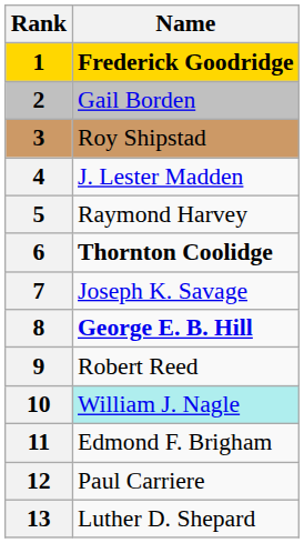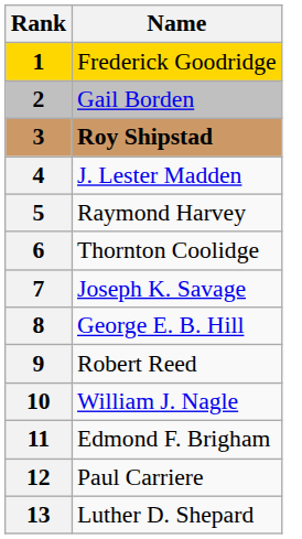 <table class="wikitable">
 <tr>
 <th>Rank</th>
 <th>Name</th>
 </tr>
 <tr bgcolor="gold">
 <td align="center"><strong>1</strong></td>
-<td><strong>Frederick Goodridge</strong></td>
+<td>Frederick Goodridge</td>
 </tr>
 <tr bgcolor="silver">
 <td align="center"><strong>2</strong></td>
 <td><a href='#'>Gail Borden</a></td>
 </tr>
 <tr bgcolor="cc9966">
 <td align="center"><strong>3</strong></td>
-<td>Roy Shipstad</td>
+<td><strong>Roy Shipstad</strong></td>
 </tr>
 <tr>
 <th>4</th>
 <td><a href='#'>J. Lester Madden</a></td>
 </tr>
 <tr>
 <th>5</th>
 <td>Raymond Harvey</td>
 </tr>
 <tr>
 <th>6</th>
-<td><strong>Thornton Coolidge</strong></td>
+<td>Thornton Coolidge</td>
 </tr>
 <tr>
 <th>7</th>
 <td><a href='#'>Joseph K. Savage</a></td>
 </tr>
 <tr>
 <th>8</th>
-<td><strong><a href='#'>George E. B. Hill</a></strong></td>
+<td><a href='#'>George E. B. Hill</a></td>
 </tr>
 <tr>
 <th>9</th>
 <td>Robert Reed</td>
 </tr>
 <tr>
 <th>10</th>
-<td style="background: paleturquoise;"><a href='#'>William J. Nagle</a></td>
+<td><a href='#'>William J. Nagle</a></td>
 </tr>
 <tr>
 <th>11</th>
 <td>Edmond F. Brigham</td>
 </tr>
 <tr>
 <th>12</th>
 <td>Paul Carriere</td>
 </tr>
 <tr>
 <th>13</th>
 <td>Luther D. Shepard</td>
 </tr>
 </table>
